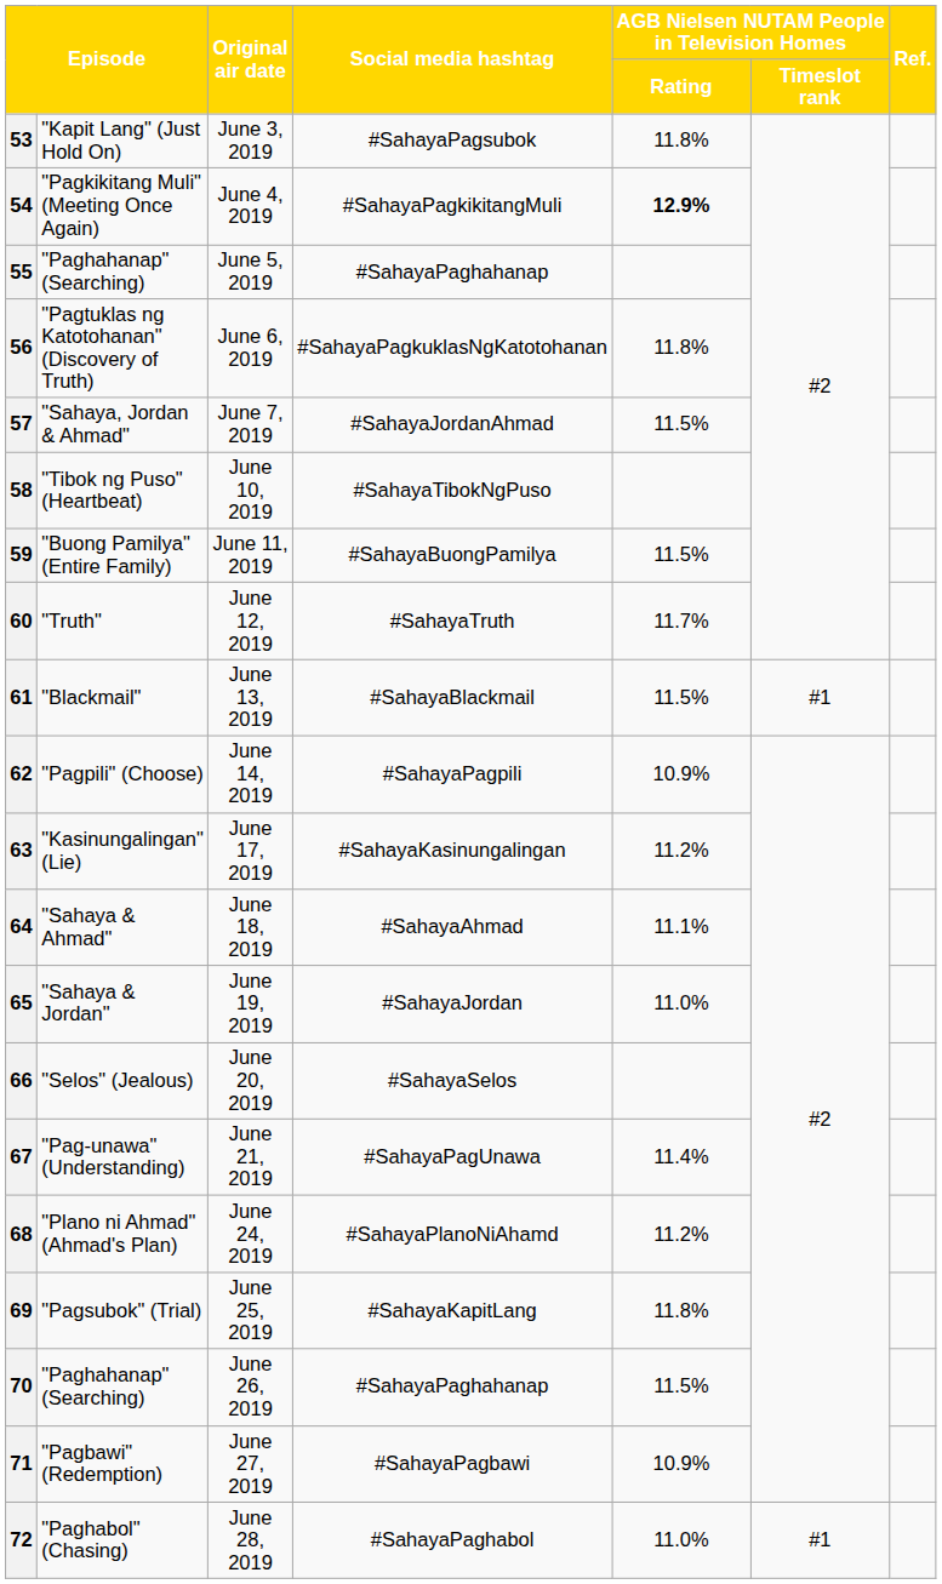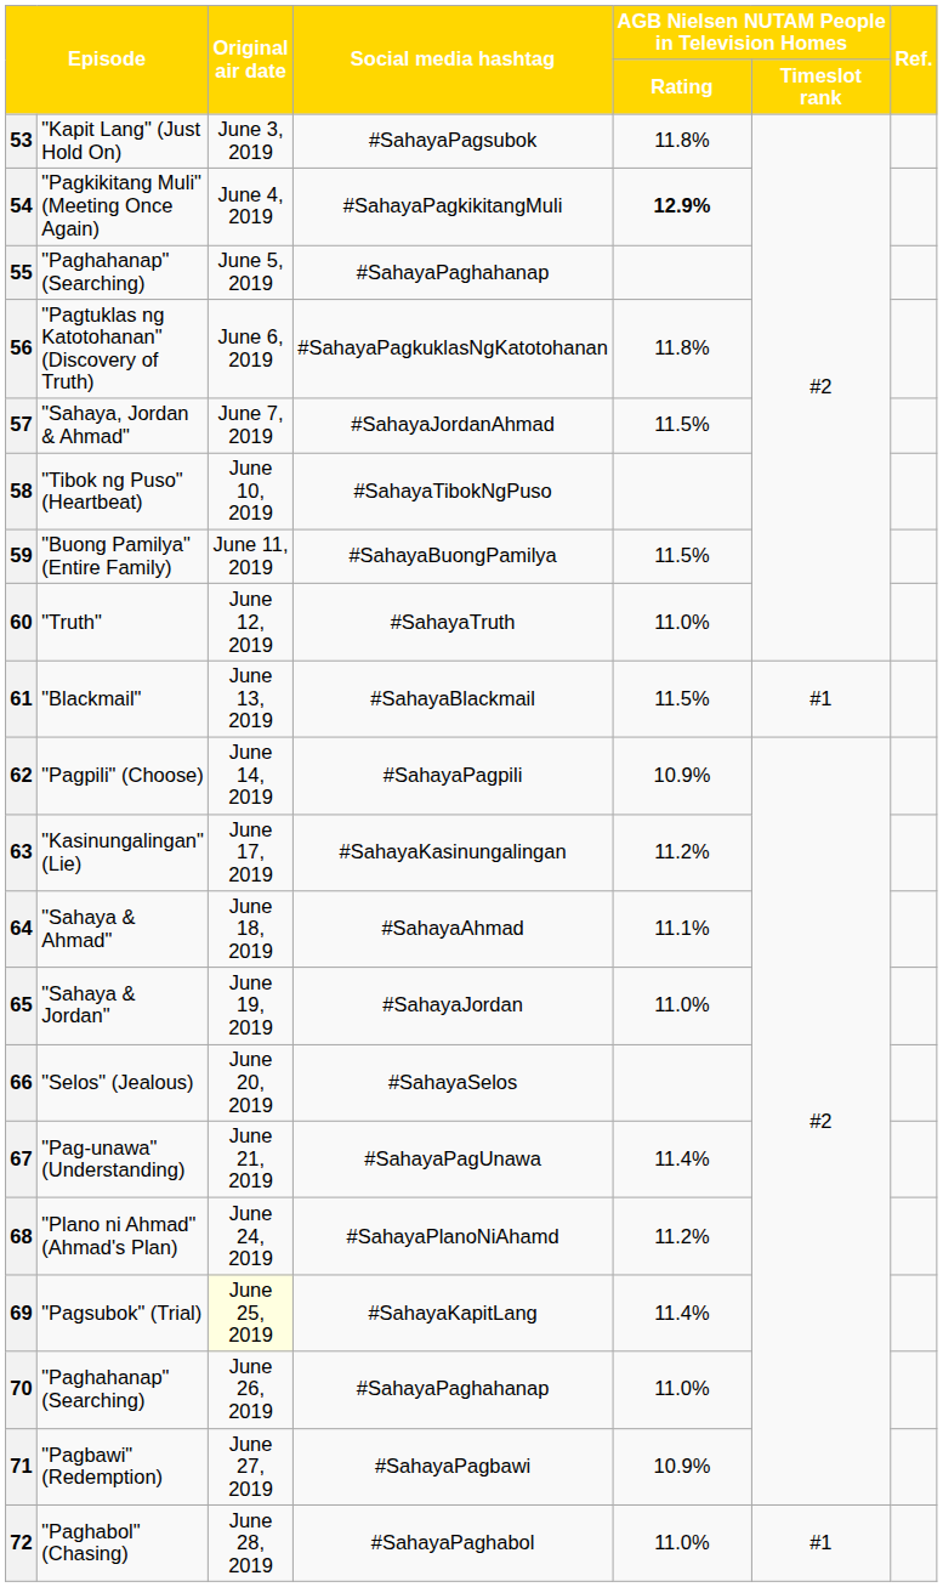 <table class="wikitable" style="text-align:center; font-size:100%; line-height:18px;" width="100%">
 <tr>
 <th style="background-color:#FFD700; color:#ffffff;" colspan="2" rowspan="2">Episode</th>
 <th style="background-color:#FFD700; color:white" rowspan="2">Original air date</th>
 <th style="background-color:#FFD700; color:white" rowspan="2">Social media hashtag</th>
 <th style="background-color:#FFD700; color:#ffffff;" colspan="2">AGB Nielsen NUTAM People in Television Homes</th>
 <th style="background-color:#FFD700; color:#ffffff;" rowspan="2">Ref.</th>
 </tr>
 <tr>
 <th style="background-color:#FFD700; width:75px; color:#ffffff;">Rating</th>
 <th style="background-color:#FFD700; width:75px; color:#ffffff;">Timeslot<br>rank</th>
 </tr>
 <tr>
 <th>53</th>
 <td style="text-align: left;">"Kapit Lang" (Just Hold On)</td>
 <td>June 3, 2019</td>
 <td>#SahayaPagsubok</td>
 <td>11.8%</td>
 <td rowspan="8">#2</td>
 <td></td>
 </tr>
 <tr>
 <th>54</th>
 <td style="text-align: left;">"Pagkikitang Muli" (Meeting Once Again)</td>
 <td>June 4, 2019</td>
 <td>#SahayaPagkikitangMuli</td>
 <td><strong>12.9%</strong></td>
 <td></td>
 </tr>
 <tr>
 <th>55</th>
 <td style="text-align: left;">"Paghahanap" (Searching)</td>
 <td>June 5, 2019</td>
 <td>#SahayaPaghahanap</td>
 <td></td>
 <td></td>
 </tr>
 <tr>
 <th>56</th>
 <td style="text-align: left;">"Pagtuklas ng Katotohanan" (Discovery of Truth)</td>
 <td>June 6, 2019</td>
 <td>#SahayaPagkuklasNgKatotohanan</td>
 <td>11.8%</td>
 <td></td>
 </tr>
 <tr>
 <th>57</th>
 <td style="text-align: left;">"Sahaya, Jordan & Ahmad"</td>
 <td>June 7, 2019</td>
 <td>#SahayaJordanAhmad</td>
 <td>11.5%</td>
 <td></td>
 </tr>
 <tr>
 <th>58</th>
 <td style="text-align: left;">"Tibok ng Puso" (Heartbeat)</td>
 <td>June 10, 2019</td>
 <td>#SahayaTibokNgPuso</td>
 <td></td>
 <td></td>
 </tr>
 <tr>
 <th>59</th>
 <td style="text-align: left;">"Buong Pamilya" (Entire Family)</td>
 <td>June 11, 2019</td>
 <td>#SahayaBuongPamilya</td>
 <td>11.5%</td>
 <td></td>
 </tr>
 <tr>
 <th>60</th>
 <td style="text-align: left;">"Truth"</td>
 <td>June 12, 2019</td>
 <td>#SahayaTruth</td>
-<td>11.7%</td>
+<td>11.0%</td>
 <td></td>
 </tr>
 <tr>
 <th>61</th>
 <td style="text-align: left;">"Blackmail"</td>
 <td>June 13, 2019</td>
 <td>#SahayaBlackmail</td>
 <td>11.5%</td>
 <td>#1</td>
 <td></td>
 </tr>
 <tr>
 <th>62</th>
 <td style="text-align: left;">"Pagpili" (Choose)</td>
 <td>June 14, 2019</td>
 <td>#SahayaPagpili</td>
 <td>10.9%</td>
 <td rowspan="10">#2</td>
 <td></td>
 </tr>
 <tr>
 <th>63</th>
 <td style="text-align: left;">"Kasinungalingan" (Lie)</td>
 <td>June 17, 2019</td>
 <td>#SahayaKasinungalingan</td>
 <td>11.2%</td>
 <td></td>
 </tr>
 <tr>
 <th>64</th>
 <td style="text-align: left;">"Sahaya & Ahmad"</td>
 <td>June 18, 2019</td>
 <td>#SahayaAhmad</td>
 <td>11.1%</td>
 <td></td>
 </tr>
 <tr>
 <th>65</th>
 <td style="text-align: left;">"Sahaya & Jordan"</td>
 <td>June 19, 2019</td>
 <td>#SahayaJordan</td>
 <td>11.0%</td>
 <td></td>
 </tr>
 <tr>
 <th>66</th>
 <td style="text-align: left;">"Selos" (Jealous)</td>
 <td>June 20, 2019</td>
 <td>#SahayaSelos</td>
 <td></td>
 <td></td>
 </tr>
 <tr>
 <th>67</th>
 <td style="text-align: left;">"Pag-unawa" (Understanding)</td>
 <td>June 21, 2019</td>
 <td>#SahayaPagUnawa</td>
 <td>11.4%</td>
 <td></td>
 </tr>
 <tr>
 <th>68</th>
 <td style="text-align: left;">"Plano ni Ahmad" (Ahmad's Plan)</td>
 <td>June 24, 2019</td>
 <td>#SahayaPlanoNiAhamd</td>
 <td>11.2%</td>
 <td></td>
 </tr>
 <tr>
 <th>69</th>
 <td style="text-align: left;">"Pagsubok" (Trial)</td>
-<td>June 25, 2019</td>
+<td style="background: lightyellow;">June 25, 2019</td>
 <td>#SahayaKapitLang</td>
-<td>11.8%</td>
+<td>11.4%</td>
 <td></td>
 </tr>
 <tr>
 <th>70</th>
 <td style="text-align: left;">"Paghahanap" (Searching)</td>
 <td>June 26, 2019</td>
 <td>#SahayaPaghahanap</td>
-<td>11.5%</td>
+<td>11.0%</td>
 <td></td>
 </tr>
 <tr>
 <th>71</th>
 <td style="text-align: left;">"Pagbawi" (Redemption)</td>
 <td>June 27, 2019</td>
 <td>#SahayaPagbawi</td>
 <td>10.9%</td>
 <td></td>
 </tr>
 <tr>
 <th>72</th>
 <td style="text-align: left;">"Paghabol" (Chasing)</td>
 <td>June 28, 2019</td>
 <td>#SahayaPaghabol</td>
 <td>11.0%</td>
 <td>#1</td>
 <td></td>
 </tr>
 </table>
